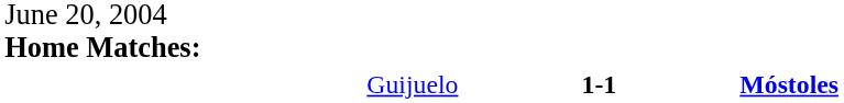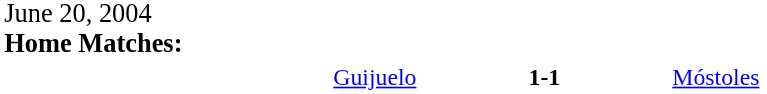 <table width=100% cellspacing=1>
 <tr>
 <th width=20%></th>
 <th width=12%></th>
 <th width=20%></th>
 <th></th>
 </tr>
 <tr>
 <td>June 20, 2004<br><strong>Home Matches:</strong></td>
 </tr>
 <tr style=font-size:90%>
 <td align=right><a href='#'>Guijuelo</a></td>
 <td align=center><strong>1-1</strong></td>
-<td><strong><a href='#'>Móstoles</a></strong></td>
+<td><a href='#'>Móstoles</a></td>
 </tr>
 </table>
